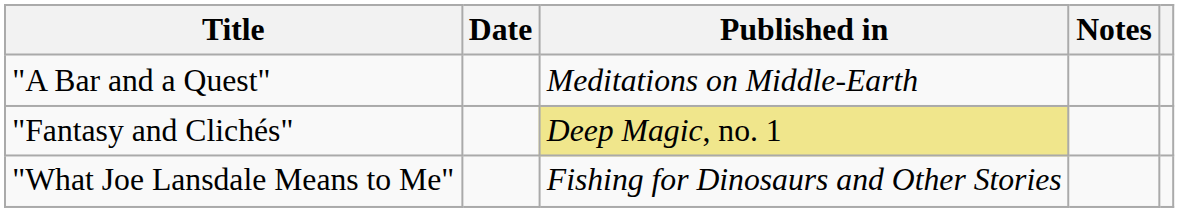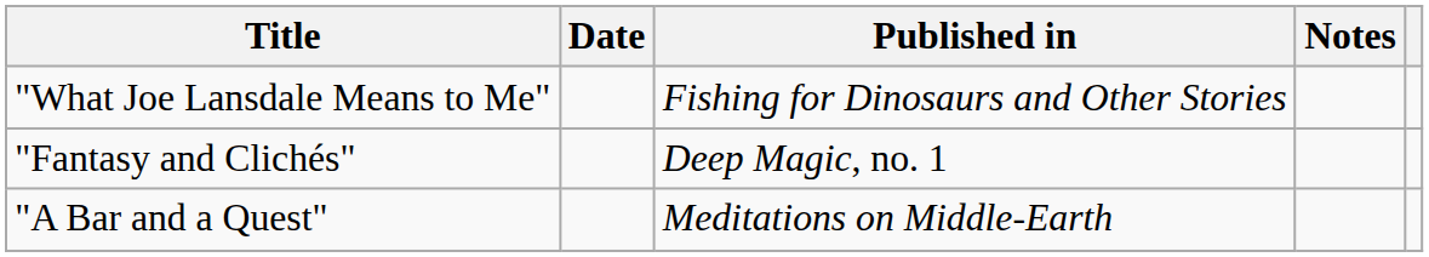 <table class="wikitable sortable">
 <tr>
 <th scope=col>Title</th>
 <th scope=col>Date</th>
 <th scope=col>Published in</th>
 <th scope=col class=unsortable>Notes</th>
 <th scope=col class=unsortable></th>
 </tr>
 <tr>
+<td>"What Joe Lansdale Means to Me"</td>
+<td align=center></td>
+<td><em>Fishing for Dinosaurs and Other Stories</em></td>
+<td></td>
+<td align=center></td>
+</tr>
+<tr>
+<td>"Fantasy and Clichés"</td>
+<td align=center></td>
+<td><em>Deep Magic</em>, no. 1</td>
+<td></td>
+<td align=center></td>
+</tr>
+<tr>
 <td>"A Bar and a Quest"</td>
 <td align=center></td>
 <td><em>Meditations on Middle-Earth</em></td>
 <td align=center></td>
 <td align=center></td>
 </tr>
-<tr>
-<td>"Fantasy and Clichés"</td>
-<td align=center></td>
-<td style="background: khaki;"><em>Deep Magic</em>, no. 1</td>
-<td></td>
-<td align=center></td>
-</tr>
-<tr>
-<td>"What Joe Lansdale Means to Me"</td>
-<td align=center></td>
-<td><em>Fishing for Dinosaurs and Other Stories</em></td>
-<td></td>
-<td align=center></td>
-</tr>
 </table>
